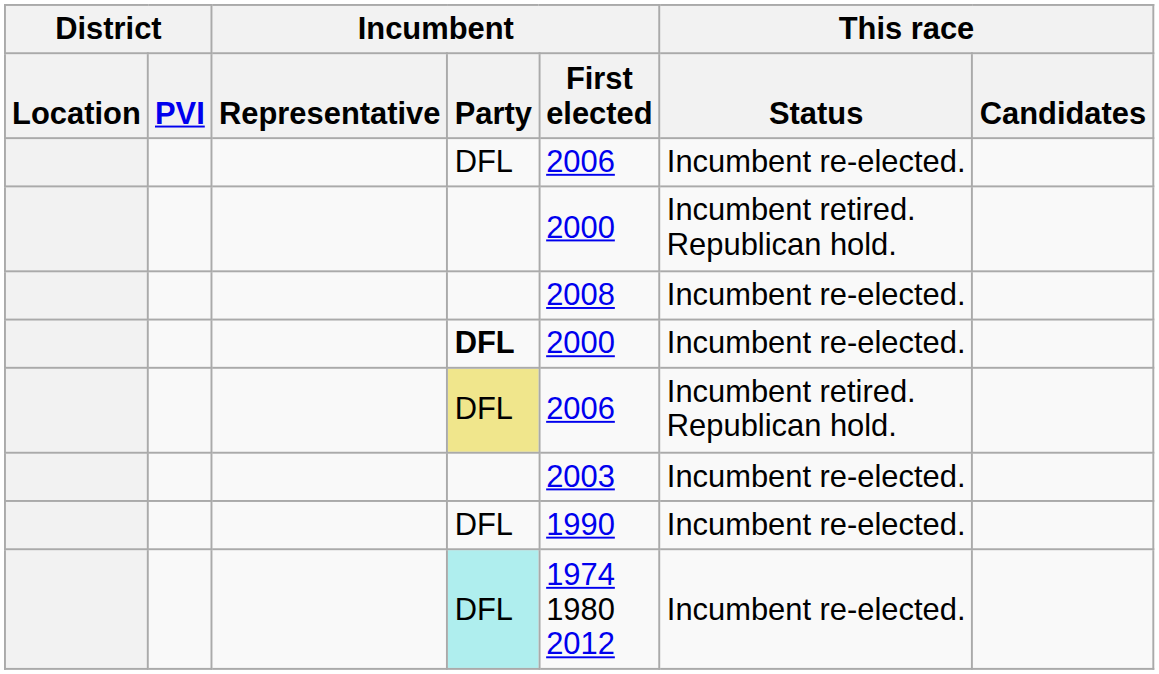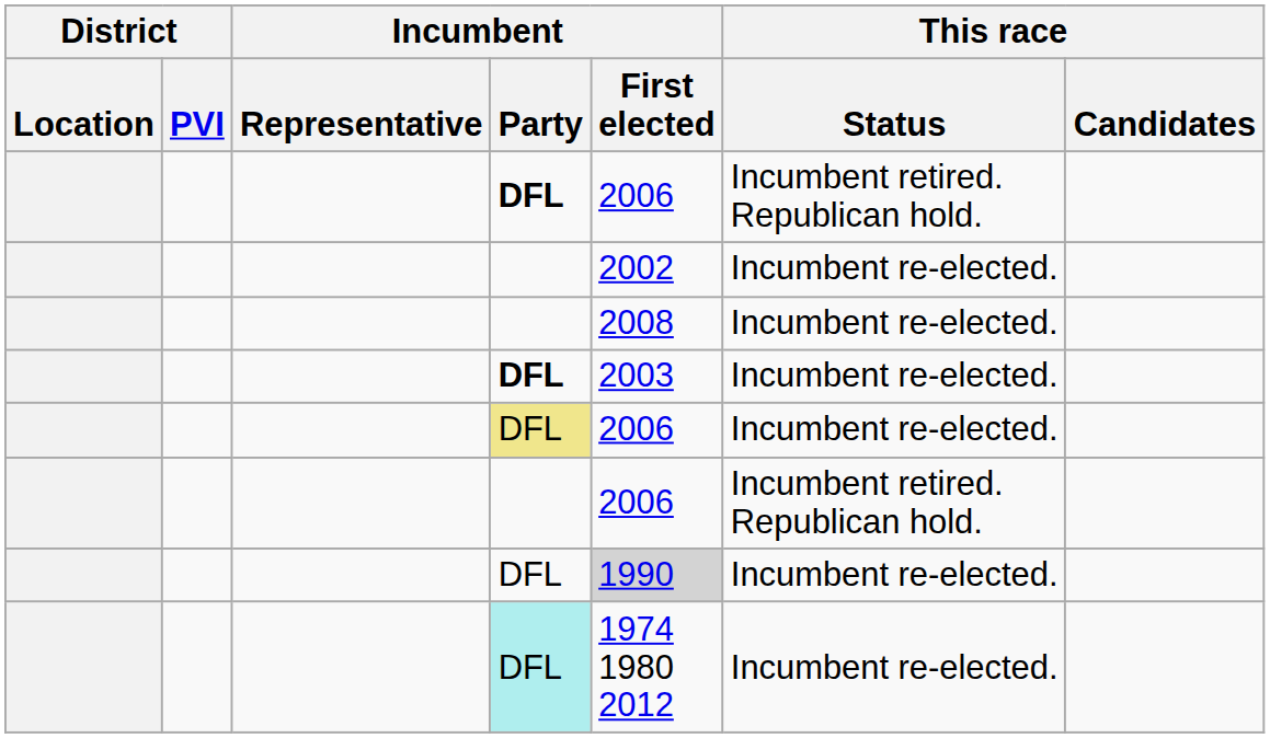 <table class="wikitable sortable">
 <tr valign=bottom>
 <th colspan=2>District</th>
 <th colspan=3>Incumbent</th>
 <th colspan=2>This race</th>
 </tr>
 <tr valign=bottom>
 <th>Location</th>
 <th><a href='#'>PVI</a></th>
 <th>Representative</th>
 <th>Party</th>
 <th>First<br>elected</th>
 <th>Status</th>
 <th>Candidates</th>
 </tr>
 <tr>
 <th></th>
 <td></td>
 <td></td>
-<td>DFL</td>
+<td><strong>DFL</strong></td>
 <td><a href='#'>2006</a></td>
-<td>Incumbent re-elected.</td>
+<td>Incumbent retired.<br>Republican hold.</td>
 <td nowrap></td>
 </tr>
 <tr>
 <th></th>
 <td></td>
 <td></td>
 <td></td>
-<td><a href='#'>2000</a></td>
-<td>Incumbent retired.<br>Republican hold.</td>
+<td><a href='#'>2002</a></td>
+<td>Incumbent re-elected.</td>
 <td nowrap></td>
 </tr>
 <tr>
 <th></th>
 <td></td>
 <td></td>
 <td></td>
 <td><a href='#'>2008</a></td>
 <td>Incumbent re-elected.</td>
 <td nowrap></td>
 </tr>
 <tr>
 <th></th>
 <td></td>
 <td></td>
 <td><strong>DFL</strong></td>
-<td><a href='#'>2000</a></td>
+<td><a href='#'>2003</a></td>
 <td>Incumbent re-elected.</td>
 <td nowrap></td>
 </tr>
 <tr>
 <th></th>
 <td></td>
 <td></td>
 <td style="background: khaki;">DFL</td>
 <td><a href='#'>2006</a></td>
+<td>Incumbent re-elected.</td>
+<td nowrap></td>
+</tr>
+<tr>
+<th></th>
+<td></td>
+<td></td>
+<td></td>
+<td><a href='#'>2006</a></td>
 <td>Incumbent retired.<br>Republican hold.</td>
 <td nowrap></td>
 </tr>
 <tr>
 <th></th>
 <td></td>
 <td></td>
-<td></td>
-<td><a href='#'>2003</a></td>
-<td>Incumbent re-elected.</td>
-<td nowrap></td>
-</tr>
-<tr>
-<th></th>
-<td></td>
-<td></td>
 <td>DFL</td>
-<td><a href='#'>1990</a></td>
+<td style="background: lightgrey;"><a href='#'>1990</a></td>
 <td>Incumbent re-elected.</td>
 <td nowrap></td>
 </tr>
 <tr>
 <th></th>
 <td></td>
 <td></td>
 <td style="background: paleturquoise;">DFL</td>
 <td><a href='#'>1974</a><br>1980 <br><a href='#'>2012</a></td>
 <td>Incumbent re-elected.</td>
 <td nowrap></td>
 </tr>
 </table>
